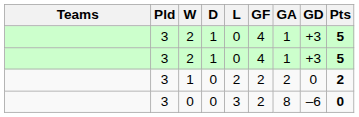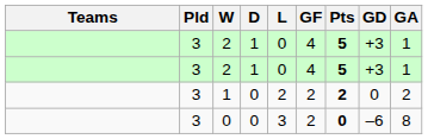 <table class="wikitable" style="text-align: center;">
 <tr>
 <th width=165>Teams</th>
 <th width=20>Pld</th>
 <th width=20>W</th>
 <th width=20>D</th>
 <th width=20>L</th>
 <th width=20>GF</th>
+<th width=20>Pts</th>
+<th width=20>GD</th>
 <th width=20>GA</th>
-<th width=20>GD</th>
-<th width=20>Pts</th>
 </tr>
 <tr align=center style="background:#ccffcc;">
 <td style="text-align:left;"></td>
 <td>3</td>
 <td>2</td>
 <td>1</td>
 <td>0</td>
 <td>4</td>
+<td><strong>5</strong></td>
+<td>+3</td>
 <td>1</td>
-<td>+3</td>
-<td><strong>5</strong></td>
 </tr>
 <tr align=center style="background:#ccffcc;">
 <td style="text-align:left;"></td>
 <td>3</td>
 <td>2</td>
 <td>1</td>
 <td>0</td>
 <td>4</td>
+<td><strong>5</strong></td>
+<td>+3</td>
 <td>1</td>
-<td>+3</td>
-<td><strong>5</strong></td>
 </tr>
 <tr align=center>
 <td style="text-align:left;"></td>
 <td>3</td>
 <td>1</td>
 <td>0</td>
 <td>2</td>
 <td>2</td>
+<td><strong>2</strong></td>
+<td>0</td>
 <td>2</td>
-<td>0</td>
-<td><strong>2</strong></td>
 </tr>
 <tr align=center>
 <td style="text-align:left;"></td>
 <td>3</td>
 <td>0</td>
 <td>0</td>
 <td>3</td>
 <td>2</td>
+<td><strong>0</strong></td>
+<td>–6</td>
 <td>8</td>
-<td>–6</td>
-<td><strong>0</strong></td>
 </tr>
 </table>
